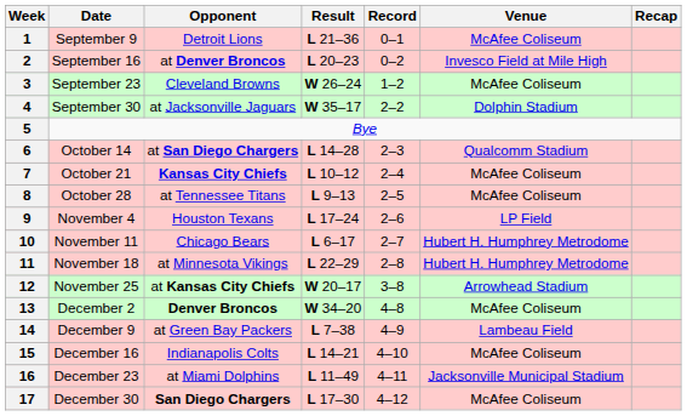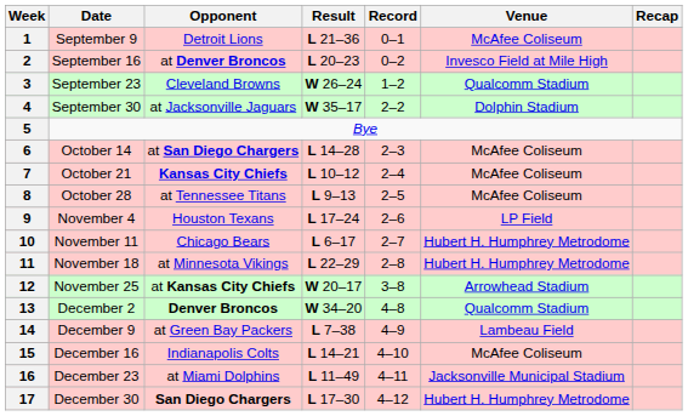 <table class="wikitable" style="text-align:center">
 <tr>
 <th>Week</th>
 <th>Date</th>
 <th>Opponent</th>
 <th>Result</th>
 <th>Record</th>
 <th>Venue</th>
 <th>Recap</th>
 </tr>
 <tr style="background: #fcc;">
 <th>1</th>
 <td>September 9</td>
 <td><a href='#'>Detroit Lions</a></td>
 <td><strong>L</strong> 21–36</td>
 <td>0–1</td>
 <td><a href='#'>McAfee Coliseum</a></td>
 <td></td>
 </tr>
 <tr style="background: #fcc;">
 <th>2</th>
 <td>September 16</td>
 <td>at <strong><a href='#'>Denver Broncos</a></strong></td>
 <td><strong>L</strong> 20–23</td>
 <td>0–2</td>
 <td><a href='#'>Invesco Field at Mile High</a></td>
 <td></td>
 </tr>
 <tr style="background: #cfc;">
 <th>3</th>
 <td>September 23</td>
 <td><a href='#'>Cleveland Browns</a></td>
 <td><strong>W</strong>  26–24</td>
 <td>1–2</td>
-<td>McAfee Coliseum</td>
+<td><a href='#'>Qualcomm Stadium</a></td>
 <td></td>
 </tr>
 <tr style="background: #cfc;">
 <th>4</th>
 <td>September 30</td>
 <td>at <a href='#'>Jacksonville Jaguars</a></td>
 <td><strong>W</strong> 35–17</td>
 <td>2–2</td>
 <td><a href='#'>Dolphin Stadium</a></td>
 <td></td>
 </tr>
 <tr>
 <th>5</th>
 <td colspan=6 align="center"><em><a href='#'>Bye</a></em></td>
 </tr>
 <tr style="background: #fcc;">
 <th>6</th>
 <td>October 14</td>
 <td>at <strong><a href='#'>San Diego Chargers</a></strong></td>
 <td><strong>L</strong> 14–28</td>
 <td>2–3</td>
-<td><a href='#'>Qualcomm Stadium</a></td>
+<td>McAfee Coliseum</td>
 <td></td>
 </tr>
 <tr style="background: #fcc;">
 <th>7</th>
 <td>October 21</td>
 <td><strong><a href='#'>Kansas City Chiefs</a></strong></td>
 <td><strong>L</strong> 10–12</td>
 <td>2–4</td>
 <td>McAfee Coliseum</td>
 <td></td>
 </tr>
 <tr style="background: #fcc;">
 <th>8</th>
 <td>October 28</td>
 <td>at <a href='#'>Tennessee Titans</a></td>
 <td><strong>L</strong> 9–13</td>
 <td>2–5</td>
 <td>McAfee Coliseum</td>
 <td></td>
 </tr>
 <tr style="background: #fcc;">
 <th>9</th>
 <td>November 4</td>
 <td><a href='#'>Houston Texans</a></td>
 <td><strong>L</strong> 17–24</td>
 <td>2–6</td>
 <td><a href='#'>LP Field</a></td>
 <td></td>
 </tr>
 <tr style="background: #fcc;">
 <th>10</th>
 <td>November 11</td>
 <td><a href='#'>Chicago Bears</a></td>
 <td><strong>L</strong> 6–17</td>
 <td>2–7</td>
 <td><a href='#'>Hubert H. Humphrey Metrodome</a></td>
 <td></td>
 </tr>
 <tr style="background: #fcc;">
 <th>11</th>
 <td>November 18</td>
 <td>at <a href='#'>Minnesota Vikings</a></td>
 <td><strong>L</strong> 22–29</td>
 <td>2–8</td>
 <td><a href='#'>Hubert H. Humphrey Metrodome</a></td>
 <td></td>
 </tr>
 <tr style="background: #cfc;">
 <th>12</th>
 <td>November 25</td>
 <td>at <strong>Kansas City Chiefs</strong></td>
 <td><strong>W</strong> 20–17</td>
 <td>3–8</td>
 <td><a href='#'>Arrowhead Stadium</a></td>
 <td></td>
 </tr>
 <tr style="background: #cfc;">
 <th>13</th>
 <td>December 2</td>
 <td><strong>Denver Broncos</strong></td>
 <td><strong>W</strong> 34–20</td>
 <td>4–8</td>
-<td>McAfee Coliseum</td>
+<td><a href='#'>Qualcomm Stadium</a></td>
 <td></td>
 </tr>
 <tr style="background: #fcc;">
 <th>14</th>
 <td>December 9</td>
 <td>at <a href='#'>Green Bay Packers</a></td>
 <td><strong>L</strong> 7–38</td>
 <td>4–9</td>
 <td><a href='#'>Lambeau Field</a></td>
 <td></td>
 </tr>
 <tr style="background: #fcc;">
 <th>15</th>
 <td>December 16</td>
 <td><a href='#'>Indianapolis Colts</a></td>
 <td><strong>L</strong> 14–21</td>
 <td>4–10</td>
 <td>McAfee Coliseum</td>
 <td></td>
 </tr>
 <tr style="background: #fcc;">
 <th>16</th>
 <td>December 23</td>
 <td>at <a href='#'>Miami Dolphins</a></td>
 <td><strong>L</strong> 11–49</td>
 <td>4–11</td>
 <td><a href='#'>Jacksonville Municipal Stadium</a></td>
 <td></td>
 </tr>
 <tr style="background: #fcc;">
 <th>17</th>
 <td>December 30</td>
 <td><strong>San Diego Chargers</strong></td>
 <td><strong>L</strong> 17–30</td>
 <td>4–12</td>
-<td>McAfee Coliseum</td>
+<td><a href='#'>Hubert H. Humphrey Metrodome</a></td>
 <td></td>
 </tr>
 </table>
